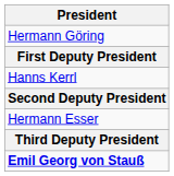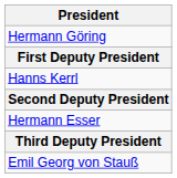 <table class="wikitable">
 <tr>
 <th>President</th>
 </tr>
 <tr>
 <td><a href='#'>Hermann Göring</a></td>
 </tr>
 <tr>
 <th>First Deputy President</th>
 </tr>
 <tr>
 <td><a href='#'>Hanns Kerrl</a></td>
 </tr>
 <tr>
 <th>Second Deputy President</th>
 </tr>
 <tr>
 <td><a href='#'>Hermann Esser</a></td>
 </tr>
 <tr>
 <th>Third Deputy President</th>
 </tr>
 <tr>
-<td><strong><a href='#'>Emil Georg von Stauß</a></strong></td>
+<td><a href='#'>Emil Georg von Stauß</a></td>
 </tr>
 </table>
